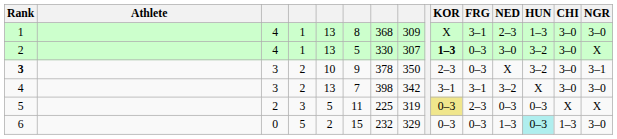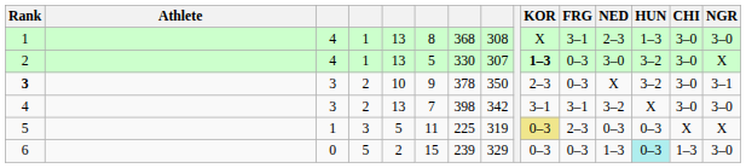 <table class="wikitable" style="text-align:center">
 <tr>
 <th>Rank</th>
 <th width=300>Athlete</th>
 <th width=30></th>
 <th width=30></th>
 <th width=30></th>
 <th width=30></th>
 <th width=30></th>
 <th width=30></th>
 <th rowspan=7></th>
 <th width=30>KOR</th>
 <th width=30>FRG</th>
 <th width=30>NED</th>
 <th width=30>HUN</th>
 <th width=30>CHI</th>
 <th width=30>NGR</th>
 </tr>
 <tr style="background-color:#ccffcc;">
 <td>1</td>
 <td align=left></td>
 <td>4</td>
 <td>1</td>
 <td>13</td>
 <td>8</td>
 <td>368</td>
-<td>309</td>
+<td>308</td>
 <td>X</td>
 <td>3–1</td>
 <td>2–3</td>
 <td>1–3</td>
 <td>3–0</td>
 <td>3–0</td>
 </tr>
 <tr style="background-color:#ccffcc;">
 <td>2</td>
 <td align=left></td>
 <td>4</td>
 <td>1</td>
 <td>13</td>
 <td>5</td>
 <td>330</td>
 <td>307</td>
 <td><strong>1–3</strong></td>
 <td>0–3</td>
 <td>3–0</td>
 <td>3–2</td>
 <td>3–0</td>
 <td>X</td>
 </tr>
 <tr>
 <td><strong>3</strong></td>
 <td align=left></td>
 <td>3</td>
 <td>2</td>
 <td>10</td>
 <td>9</td>
 <td>378</td>
 <td>350</td>
 <td>2–3</td>
 <td>0–3</td>
 <td>X</td>
 <td>3–2</td>
 <td>3–0</td>
 <td>3–1</td>
 </tr>
 <tr>
 <td>4</td>
 <td align=left></td>
 <td>3</td>
 <td>2</td>
 <td>13</td>
 <td>7</td>
 <td>398</td>
 <td>342</td>
 <td>3–1</td>
 <td>3–1</td>
 <td>3–2</td>
 <td>X</td>
 <td>3–0</td>
 <td>3–0</td>
 </tr>
 <tr>
 <td>5</td>
 <td align=left></td>
-<td>2</td>
+<td>1</td>
 <td>3</td>
 <td>5</td>
 <td>11</td>
 <td>225</td>
 <td>319</td>
 <td style="background: khaki;">0–3</td>
 <td>2–3</td>
 <td>0–3</td>
 <td>0–3</td>
 <td>X</td>
 <td>X</td>
 </tr>
 <tr>
 <td>6</td>
 <td align=left></td>
 <td>0</td>
 <td>5</td>
 <td>2</td>
 <td>15</td>
-<td>232</td>
+<td>239</td>
 <td>329</td>
 <td>0–3</td>
 <td>0–3</td>
 <td>1–3</td>
 <td style="background: paleturquoise;">0–3</td>
 <td>1–3</td>
 <td>3–0</td>
 </tr>
 </table>
